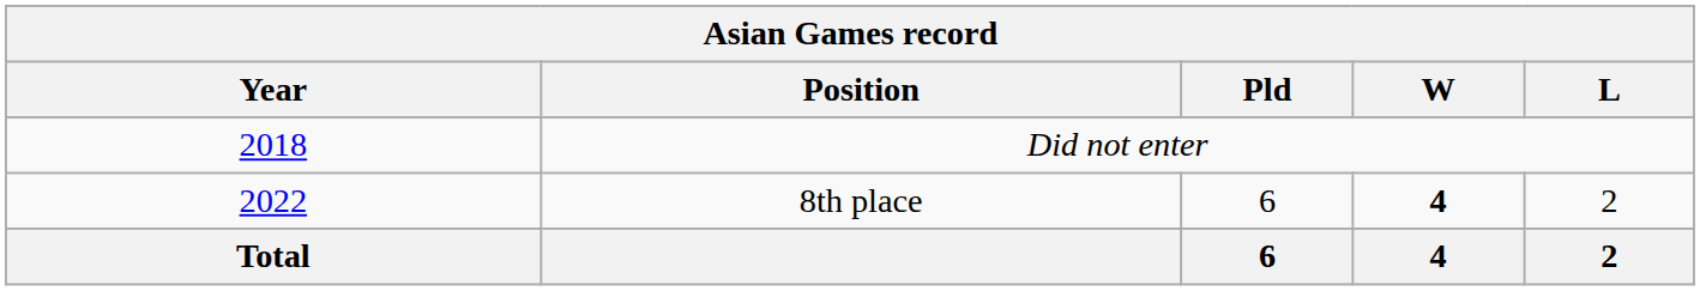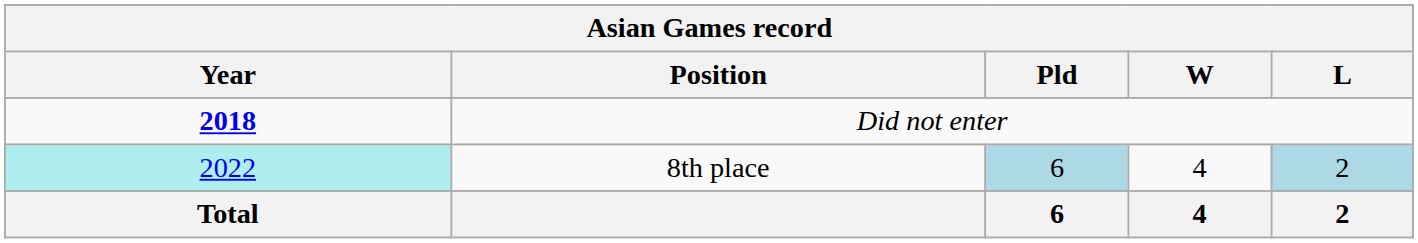 <table class="wikitable collapsible autocollapse" style="text-align: center; font-size:95%;" width=60%>
 <tr>
 <th colspan=9>Asian Games record</th>
 </tr>
 <tr>
 <th width=25%>Year</th>
 <th width=30%>Position</th>
 <th width=8%>Pld</th>
 <th width=8%>W</th>
 <th width=8%>L</th>
 </tr>
 <tr>
-<td> <a href='#'>2018</a></td>
+<td><strong> <a href='#'>2018</a></strong></td>
 <td colspan=4><em>Did not enter</em></td>
 </tr>
 <tr>
-<td> <a href='#'>2022</a></td>
+<td style="background: paleturquoise;"> <a href='#'>2022</a></td>
 <td>8th place</td>
-<td>6</td>
-<td><strong>4</strong></td>
-<td>2</td>
+<td style="background: lightblue;">6</td>
+<td>4</td>
+<td style="background: lightblue;">2</td>
 </tr>
 <tr>
 <th><strong>Total</strong></th>
 <th></th>
 <th>6</th>
 <th>4</th>
 <th>2</th>
 </tr>
 </table>
